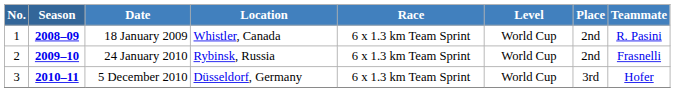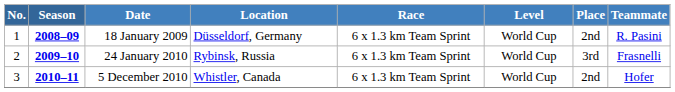 <table class="wikitable sortable" style="font-size:95%; text-align:center; border:grey solid 1px; border-collapse:collapse; background:#ffffff;">
 <tr style="background:#efefef;">
 <th style="background-color:#369; color:white;">No.</th>
 <th style="background-color:#369; color:white;">Season</th>
 <th style="background-color:#4180be; color:white; width:120px;">Date</th>
 <th style="background-color:#4180be; color:white; width:170px;">Location</th>
 <th style="background-color:#4180be; color:white; width:170px;">Race</th>
 <th style="background-color:#4180be; color:white; width:100px;">Level</th>
 <th style="background-color:#4180be; color:white;">Place</th>
 <th style="background-color:#4180be; color:white;">Teammate</th>
 </tr>
 <tr>
 <td align=center>1</td>
 <td rowspan=1 align=center><strong> <a href='#'>2008–09</a> </strong></td>
 <td align=right>18 January 2009</td>
-<td align=left> <a href='#'>Whistler</a>, Canada</td>
+<td align=left> <a href='#'>Düsseldorf</a>, Germany</td>
 <td>6 x 1.3 km Team Sprint</td>
 <td>World Cup</td>
 <td>2nd</td>
 <td><a href='#'>R. Pasini</a></td>
 </tr>
 <tr>
 <td align=center>2</td>
 <td rowspan=1 align=center><strong> <a href='#'>2009–10</a> </strong></td>
 <td align=right>24 January 2010</td>
 <td align=left> <a href='#'>Rybinsk</a>, Russia</td>
 <td>6 x 1.3 km Team Sprint</td>
 <td>World Cup</td>
-<td>2nd</td>
+<td>3rd</td>
 <td><a href='#'>Frasnelli</a></td>
 </tr>
 <tr>
 <td align=center>3</td>
 <td rowspan=1 align=center><strong> <a href='#'>2010–11</a> </strong></td>
 <td align=right>5 December 2010</td>
-<td align=left> <a href='#'>Düsseldorf</a>, Germany</td>
+<td align=left> <a href='#'>Whistler</a>, Canada</td>
 <td>6 x 1.3 km Team Sprint</td>
 <td>World Cup</td>
-<td>3rd</td>
+<td>2nd</td>
 <td><a href='#'>Hofer</a></td>
 </tr>
 <tr>
 </tr>
 </table>
